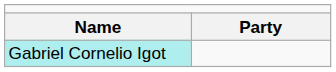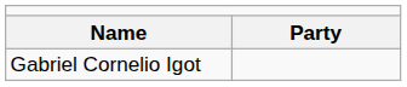 <table class=wikitable style="font-size:90%">
 <tr>
 <td colspan=4 bgcolor=></td>
 </tr>
 <tr>
 <th width=150px>Name</th>
 <th colspan=2 width=110px>Party</th>
 </tr>
 <tr>
-<td style="background: paleturquoise;">Gabriel Cornelio Igot</td>
+<td>Gabriel Cornelio Igot</td>
 <td></td>
 </tr>
 </table>
